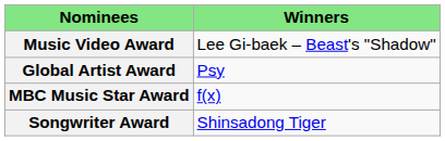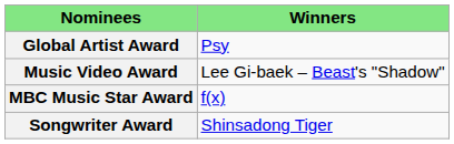 <table class="wikitable plainrowheaders">
 <tr>
 <th style="background:#83e683;">Nominees</th>
 <th style="background:#83e683;">Winners</th>
 </tr>
 <tr>
+<th scope="row">Global Artist Award</th>
+<td><a href='#'>Psy</a></td>
+</tr>
+<tr>
 <th scope="row">Music Video Award</th>
 <td>Lee Gi-baek – <a href='#'>Beast</a>'s "Shadow"</td>
-</tr>
-<tr>
-<th scope="row">Global Artist Award</th>
-<td><a href='#'>Psy</a></td>
 </tr>
 <tr>
 <th scope="row">MBC Music Star Award</th>
 <td><a href='#'>f(x)</a></td>
 </tr>
 <tr>
 <th scope="row">Songwriter Award</th>
 <td><a href='#'>Shinsadong Tiger</a></td>
 </tr>
 </table>
